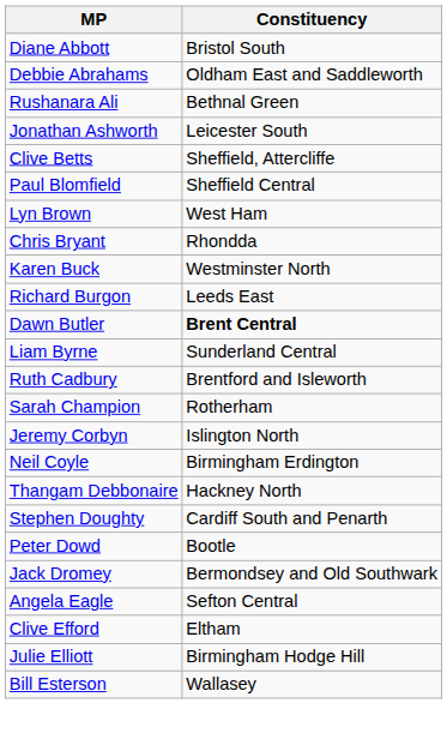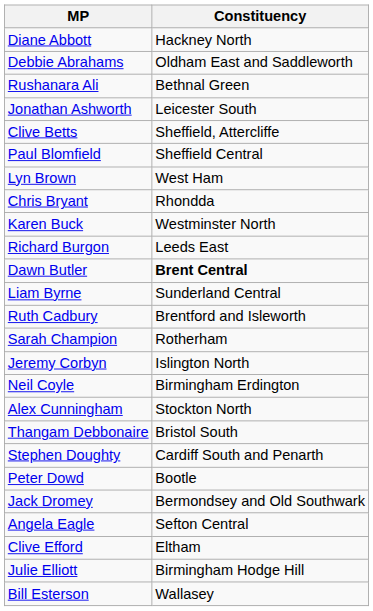 <table class="wikitable" style="display: inline-table;">
 <tr>
 <th>MP</th>
 <th>Constituency</th>
 </tr>
 <tr>
 <td><a href='#'>Diane Abbott</a></td>
-<td>Bristol South</td>
+<td>Hackney North</td>
 </tr>
 <tr>
 <td><a href='#'>Debbie Abrahams</a></td>
 <td>Oldham East and Saddleworth</td>
 </tr>
 <tr>
 <td><a href='#'>Rushanara Ali</a></td>
 <td>Bethnal Green</td>
 </tr>
 <tr>
 <td><a href='#'>Jonathan Ashworth</a></td>
 <td>Leicester South</td>
 </tr>
 <tr>
 <td><a href='#'>Clive Betts</a></td>
 <td>Sheffield, Attercliffe</td>
 </tr>
 <tr>
 <td><a href='#'>Paul Blomfield</a></td>
 <td>Sheffield Central</td>
 </tr>
 <tr>
 <td><a href='#'>Lyn Brown</a></td>
 <td>West Ham</td>
 </tr>
 <tr>
 <td><a href='#'>Chris Bryant</a></td>
 <td>Rhondda</td>
 </tr>
 <tr>
 <td><a href='#'>Karen Buck</a></td>
 <td>Westminster North</td>
 </tr>
 <tr>
 <td><a href='#'>Richard Burgon</a></td>
 <td>Leeds East</td>
 </tr>
 <tr>
 <td><a href='#'>Dawn Butler</a></td>
 <td><strong>Brent Central</strong></td>
 </tr>
 <tr>
 <td><a href='#'>Liam Byrne</a></td>
 <td>Sunderland Central</td>
 </tr>
 <tr>
 <td><a href='#'>Ruth Cadbury</a></td>
 <td>Brentford and Isleworth</td>
 </tr>
 <tr>
 <td><a href='#'>Sarah Champion</a></td>
 <td>Rotherham</td>
 </tr>
 <tr>
 <td><a href='#'>Jeremy Corbyn</a></td>
 <td>Islington North</td>
 </tr>
 <tr>
 <td><a href='#'>Neil Coyle</a></td>
 <td>Birmingham Erdington</td>
 </tr>
 <tr>
+<td><a href='#'>Alex Cunningham</a></td>
+<td>Stockton North</td>
+</tr>
+<tr>
 <td><a href='#'>Thangam Debbonaire</a></td>
-<td>Hackney North</td>
+<td>Bristol South</td>
 </tr>
 <tr>
 <td><a href='#'>Stephen Doughty</a></td>
 <td>Cardiff South and Penarth</td>
 </tr>
 <tr>
 <td><a href='#'>Peter Dowd</a></td>
 <td>Bootle</td>
 </tr>
 <tr>
 <td><a href='#'>Jack Dromey</a></td>
 <td>Bermondsey and Old Southwark</td>
 </tr>
 <tr>
 <td><a href='#'>Angela Eagle</a></td>
 <td>Sefton Central</td>
 </tr>
 <tr>
 <td><a href='#'>Clive Efford</a></td>
 <td>Eltham</td>
 </tr>
 <tr>
 <td><a href='#'>Julie Elliott</a></td>
 <td>Birmingham Hodge Hill</td>
 </tr>
 <tr>
 <td><a href='#'>Bill Esterson</a></td>
 <td>Wallasey</td>
 </tr>
 </table>
